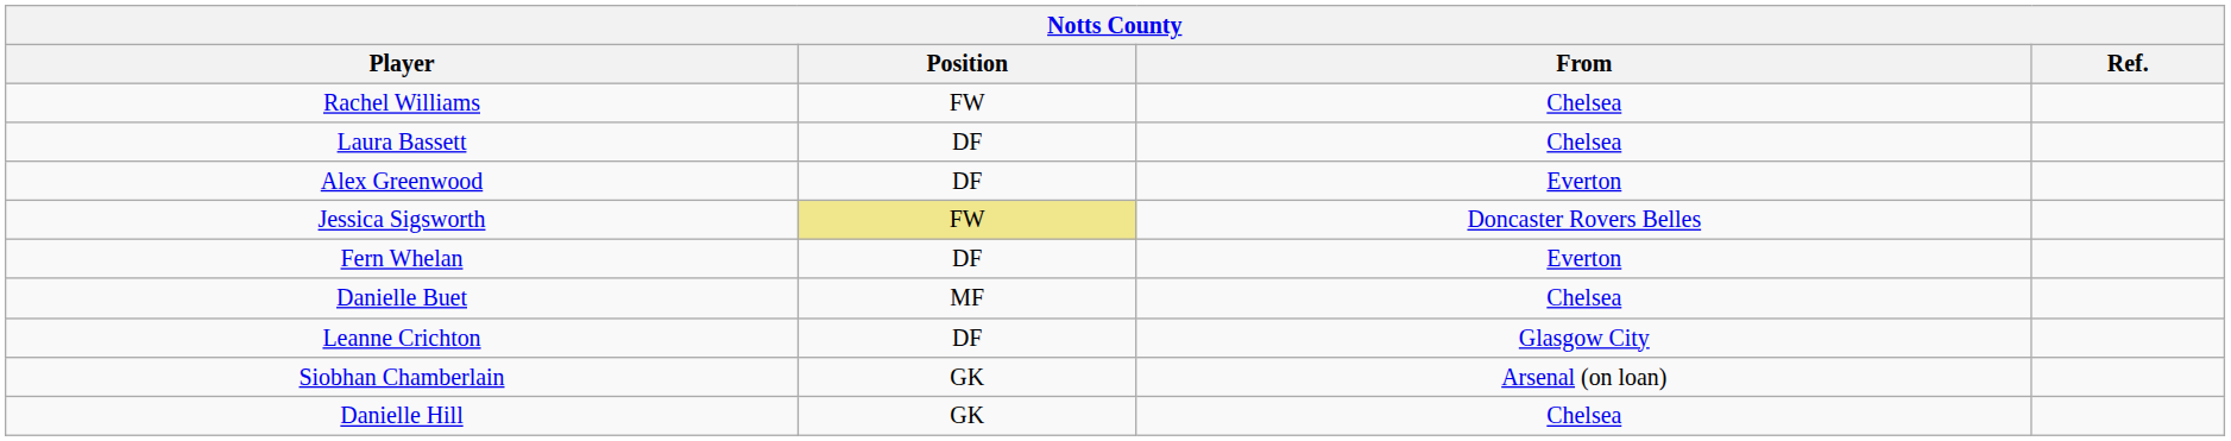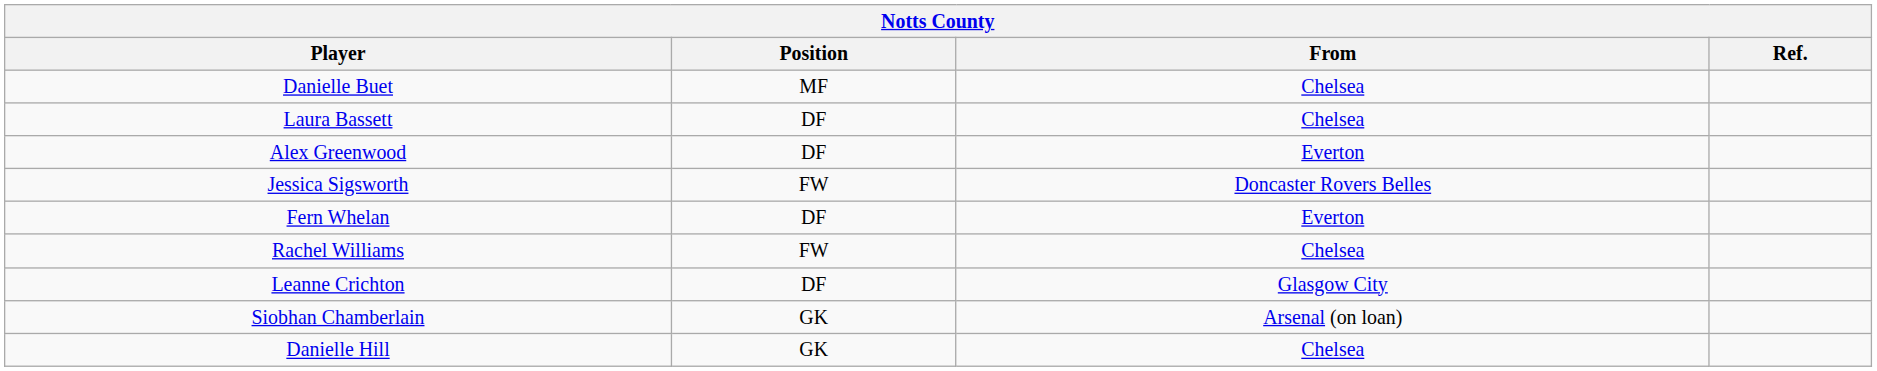 <table class="wikitable sortable collapsible collapsed" style="font-size:95%; text-align: center; width: 90%;">
 <tr>
 <th colspan="4"  style="with:100%; text-align:center;"><strong><a href='#'>Notts County</a></strong></th>
 </tr>
 <tr>
 <th>Player</th>
 <th>Position</th>
 <th>From</th>
 <th>Ref.</th>
 </tr>
 <tr>
-<td> <a href='#'>Rachel Williams</a></td>
-<td>FW</td>
+<td> <a href='#'>Danielle Buet</a></td>
+<td>MF</td>
 <td><a href='#'>Chelsea</a></td>
 <td></td>
 </tr>
 <tr>
 <td> <a href='#'>Laura Bassett</a></td>
 <td>DF</td>
 <td><a href='#'>Chelsea</a></td>
 <td></td>
 </tr>
 <tr>
 <td> <a href='#'>Alex Greenwood</a></td>
 <td>DF</td>
 <td><a href='#'>Everton</a></td>
 <td></td>
 </tr>
 <tr>
 <td> <a href='#'>Jessica Sigsworth</a></td>
-<td style="background: khaki;">FW</td>
+<td>FW</td>
 <td><a href='#'>Doncaster Rovers Belles</a></td>
 <td></td>
 </tr>
 <tr>
 <td> <a href='#'>Fern Whelan</a></td>
 <td>DF</td>
 <td><a href='#'>Everton</a></td>
 <td></td>
 </tr>
 <tr>
-<td> <a href='#'>Danielle Buet</a></td>
-<td>MF</td>
+<td> <a href='#'>Rachel Williams</a></td>
+<td>FW</td>
 <td><a href='#'>Chelsea</a></td>
 <td></td>
 </tr>
 <tr>
 <td> <a href='#'>Leanne Crichton</a></td>
 <td>DF</td>
 <td><a href='#'>Glasgow City</a></td>
 <td></td>
 </tr>
 <tr>
 <td> <a href='#'>Siobhan Chamberlain</a></td>
 <td>GK</td>
 <td><a href='#'>Arsenal</a> (on loan)</td>
 <td></td>
 </tr>
 <tr>
 <td> <a href='#'>Danielle Hill</a></td>
 <td>GK</td>
 <td><a href='#'>Chelsea</a></td>
 <td></td>
 </tr>
 </table>
